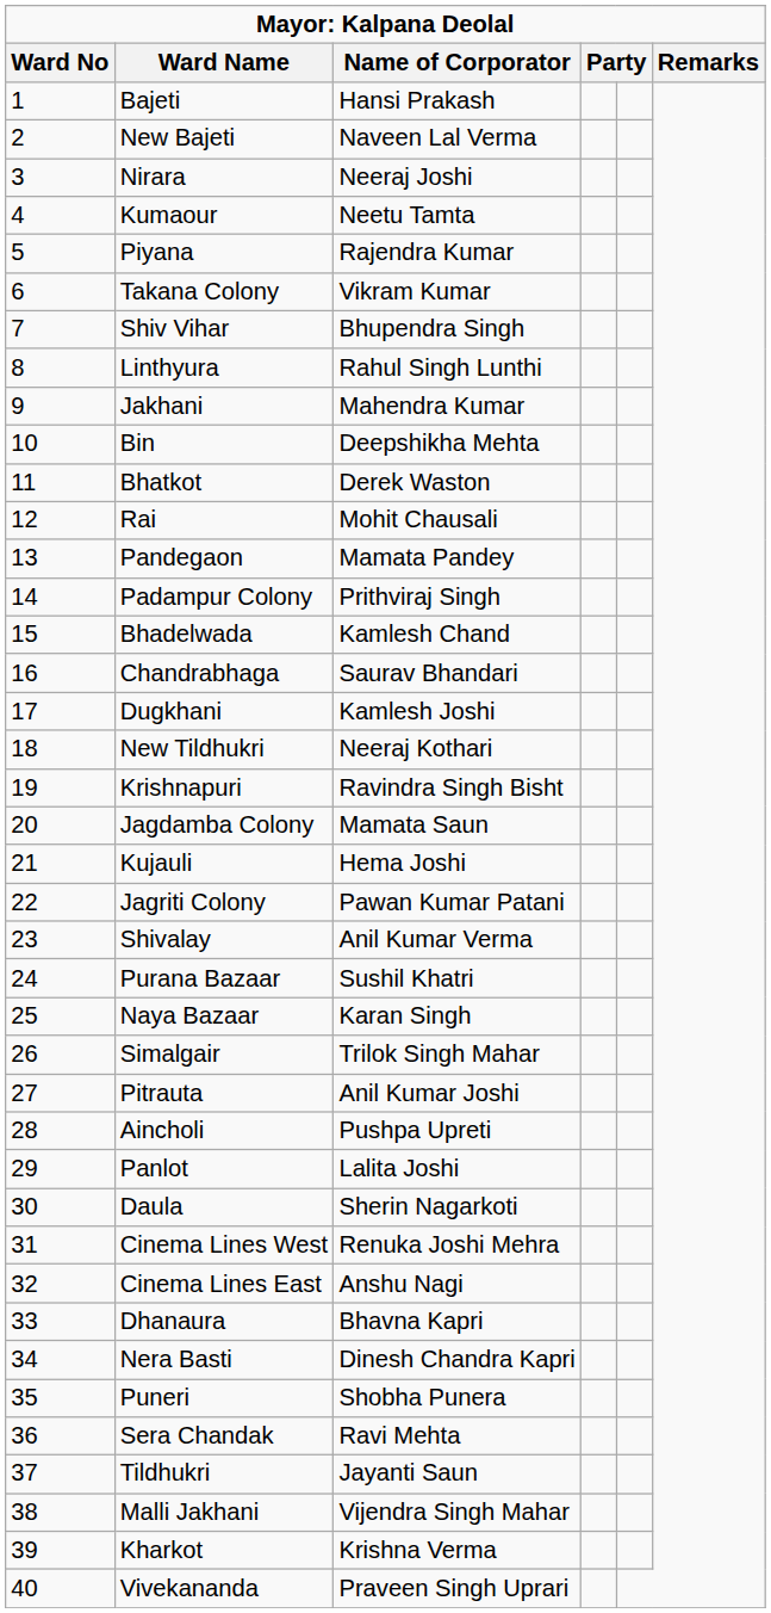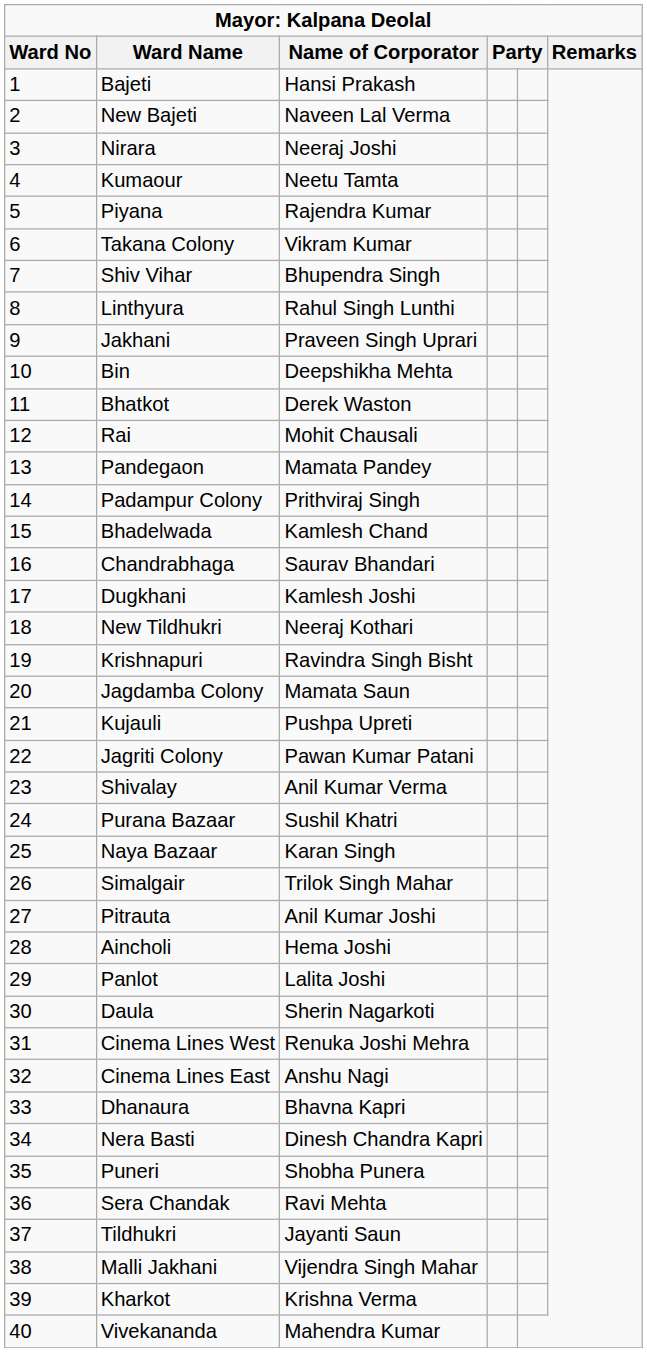 <table class="wikitable">
 <tr>
 <td colspan=6 align=center><span><strong>Mayor: Kalpana Deolal</strong></span></td>
 </tr>
 <tr>
 <th>Ward No</th>
 <th>Ward Name</th>
 <th>Name of Corporator</th>
 <th colspan="2">Party</th>
 <th>Remarks</th>
 </tr>
 <tr>
 <td>1</td>
 <td>Bajeti</td>
 <td>Hansi Prakash</td>
 <td></td>
 <td></td>
 </tr>
 <tr>
 <td>2</td>
 <td>New Bajeti</td>
 <td>Naveen Lal Verma</td>
 <td></td>
 <td></td>
 </tr>
 <tr>
 <td>3</td>
 <td>Nirara</td>
 <td>Neeraj Joshi</td>
 <td></td>
 <td></td>
 </tr>
 <tr>
 <td>4</td>
 <td>Kumaour</td>
 <td>Neetu Tamta</td>
 <td></td>
 <td></td>
 </tr>
 <tr>
 <td>5</td>
 <td>Piyana</td>
 <td>Rajendra Kumar</td>
 <td></td>
 <td></td>
 </tr>
 <tr>
 <td>6</td>
 <td>Takana Colony</td>
 <td>Vikram Kumar</td>
 <td></td>
 <td></td>
 </tr>
 <tr>
 <td>7</td>
 <td>Shiv Vihar</td>
 <td>Bhupendra Singh</td>
 <td></td>
 <td></td>
 </tr>
 <tr>
 <td>8</td>
 <td>Linthyura</td>
 <td>Rahul Singh Lunthi</td>
 <td></td>
 <td></td>
 </tr>
 <tr>
 <td>9</td>
 <td>Jakhani</td>
-<td>Mahendra Kumar</td>
+<td>Praveen Singh Uprari</td>
 <td></td>
 <td></td>
 </tr>
 <tr>
 <td>10</td>
 <td>Bin</td>
 <td>Deepshikha Mehta</td>
 <td></td>
 <td></td>
 </tr>
 <tr>
 <td>11</td>
 <td>Bhatkot</td>
 <td>Derek Waston</td>
 <td></td>
 <td></td>
 </tr>
 <tr>
 <td>12</td>
 <td>Rai</td>
 <td>Mohit Chausali</td>
 <td></td>
 <td></td>
 </tr>
 <tr>
 <td>13</td>
 <td>Pandegaon</td>
 <td>Mamata Pandey</td>
 <td></td>
 <td></td>
 </tr>
 <tr>
 <td>14</td>
 <td>Padampur Colony</td>
 <td>Prithviraj Singh</td>
 <td></td>
 <td></td>
 </tr>
 <tr>
 <td>15</td>
 <td>Bhadelwada</td>
 <td>Kamlesh Chand</td>
 <td></td>
 <td></td>
 </tr>
 <tr>
 <td>16</td>
 <td>Chandrabhaga</td>
 <td>Saurav Bhandari</td>
 <td></td>
 <td></td>
 </tr>
 <tr>
 <td>17</td>
 <td>Dugkhani</td>
 <td>Kamlesh Joshi</td>
 <td></td>
 <td></td>
 </tr>
 <tr>
 <td>18</td>
 <td>New Tildhukri</td>
 <td>Neeraj Kothari</td>
 <td></td>
 <td></td>
 </tr>
 <tr>
 <td>19</td>
 <td>Krishnapuri</td>
 <td>Ravindra Singh Bisht</td>
 <td></td>
 <td></td>
 </tr>
 <tr>
 <td>20</td>
 <td>Jagdamba Colony</td>
 <td>Mamata Saun</td>
 <td></td>
 <td></td>
 </tr>
 <tr>
 <td>21</td>
 <td>Kujauli</td>
-<td>Hema Joshi</td>
+<td>Pushpa Upreti</td>
 <td></td>
 <td></td>
 </tr>
 <tr>
 <td>22</td>
 <td>Jagriti Colony</td>
 <td>Pawan Kumar Patani</td>
 <td></td>
 <td></td>
 </tr>
 <tr>
 <td>23</td>
 <td>Shivalay</td>
 <td>Anil Kumar Verma</td>
 <td></td>
 <td></td>
 </tr>
 <tr>
 <td>24</td>
 <td>Purana Bazaar</td>
 <td>Sushil Khatri</td>
 <td></td>
 <td></td>
 </tr>
 <tr>
 <td>25</td>
 <td>Naya Bazaar</td>
 <td>Karan Singh</td>
 <td></td>
 <td></td>
 </tr>
 <tr>
 <td>26</td>
 <td>Simalgair</td>
 <td>Trilok Singh Mahar</td>
 <td></td>
 <td></td>
 </tr>
 <tr>
 <td>27</td>
 <td>Pitrauta</td>
 <td>Anil Kumar Joshi</td>
 <td></td>
 <td></td>
 </tr>
 <tr>
 <td>28</td>
 <td>Aincholi</td>
-<td>Pushpa Upreti</td>
+<td>Hema Joshi</td>
 <td></td>
 <td></td>
 </tr>
 <tr>
 <td>29</td>
 <td>Panlot</td>
 <td>Lalita Joshi</td>
 <td></td>
 <td></td>
 </tr>
 <tr>
 <td>30</td>
 <td>Daula</td>
 <td>Sherin Nagarkoti</td>
 <td></td>
 <td></td>
 </tr>
 <tr>
 <td>31</td>
 <td>Cinema Lines West</td>
 <td>Renuka Joshi Mehra</td>
 <td></td>
 <td></td>
 </tr>
 <tr>
 <td>32</td>
 <td>Cinema Lines East</td>
 <td>Anshu Nagi</td>
 <td></td>
 <td></td>
 </tr>
 <tr>
 <td>33</td>
 <td>Dhanaura</td>
 <td>Bhavna Kapri</td>
 <td></td>
 <td></td>
 </tr>
 <tr>
 <td>34</td>
 <td>Nera Basti</td>
 <td>Dinesh Chandra Kapri</td>
 <td></td>
 <td></td>
 </tr>
 <tr>
 <td>35</td>
 <td>Puneri</td>
 <td>Shobha Punera</td>
 <td></td>
 <td></td>
 </tr>
 <tr>
 <td>36</td>
 <td>Sera Chandak</td>
 <td>Ravi Mehta</td>
 <td></td>
 <td></td>
 </tr>
 <tr>
 <td>37</td>
 <td>Tildhukri</td>
 <td>Jayanti Saun</td>
 <td></td>
 <td></td>
 </tr>
 <tr>
 <td>38</td>
 <td>Malli Jakhani</td>
 <td>Vijendra Singh Mahar</td>
 <td></td>
 <td></td>
 </tr>
 <tr>
 <td>39</td>
 <td>Kharkot</td>
 <td>Krishna Verma</td>
 <td></td>
 <td></td>
 </tr>
 <tr>
 <td>40</td>
 <td>Vivekananda</td>
-<td>Praveen Singh Uprari</td>
+<td>Mahendra Kumar</td>
 <td></td>
 </tr>
 </table>
